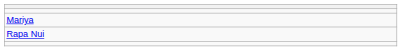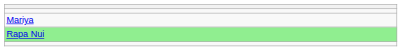 <table class="wikitable" style="font-size:90%" width=100%>
 <tr>
 <th scope="col"></th>
 </tr>
 <tr>
 <td></td>
 </tr>
 <tr>
 <td> <a href='#'>Mariya</a></td>
 </tr>
 <tr>
-<td> <a href='#'>Rapa Nui</a></td>
+<td style="background: lightgreen;"> <a href='#'>Rapa Nui</a></td>
 </tr>
 <tr>
 <td></td>
 </tr>
 </table>
